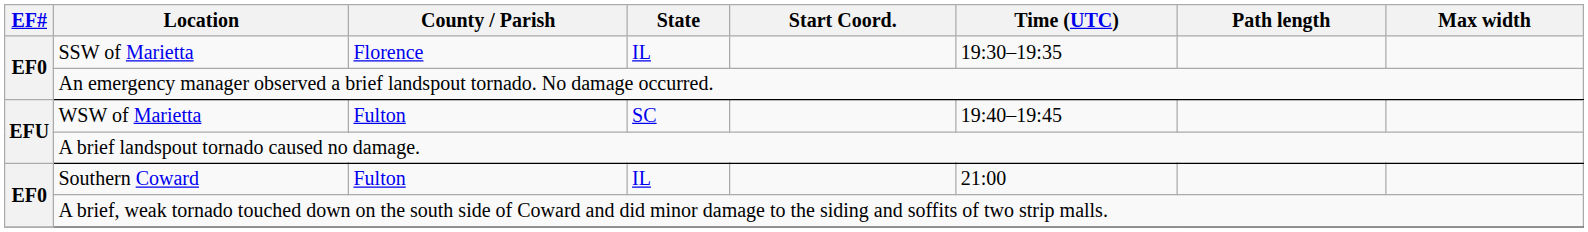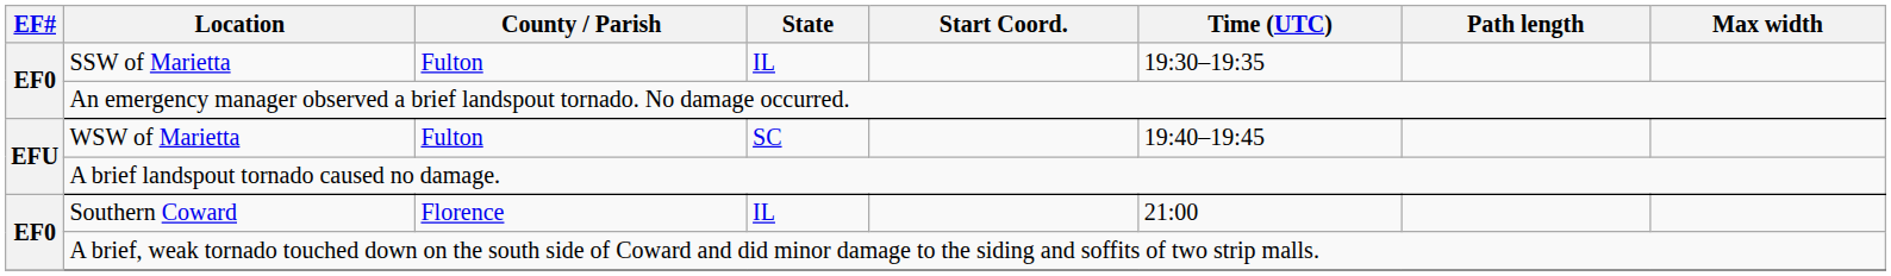 <table class="wikitable sortable" style="width:100%;">
 <tr>
 <th scope="col" width="2%" align="center"><a href='#'>EF#</a></th>
 <th scope="col" align="center" class="unsortable">Location</th>
 <th scope="col" align="center" class="unsortable">County / Parish</th>
 <th scope="col" align="center">State</th>
 <th scope="col" align="center">Start Coord.</th>
 <th scope="col" align="center">Time (<a href='#'>UTC</a>)</th>
 <th scope="col" align="center">Path length</th>
 <th scope="col" align="center">Max width</th>
 </tr>
 <tr>
 <th scope="row" rowspan="2" style="background-color:#">EF0</th>
 <td>SSW of <a href='#'>Marietta</a></td>
-<td><a href='#'>Florence</a></td>
+<td><a href='#'>Fulton</a></td>
 <td><a href='#'>IL</a></td>
 <td></td>
 <td>19:30–19:35</td>
 <td></td>
 <td></td>
 </tr>
 <tr class="expand-child">
 <td colspan="8" style=" border-bottom: 1px solid black;">An emergency manager observed a brief landspout tornado. No damage occurred.</td>
 </tr>
 <tr>
 <th scope="row" rowspan="2" style="background-color:#">EFU</th>
 <td>WSW of <a href='#'>Marietta</a></td>
 <td><a href='#'>Fulton</a></td>
 <td><a href='#'>SC</a></td>
 <td></td>
 <td>19:40–19:45</td>
 <td></td>
 <td></td>
 </tr>
 <tr class="expand-child">
 <td colspan="8" style=" border-bottom: 1px solid black;">A brief landspout tornado caused no damage.</td>
 </tr>
 <tr>
 <th scope="row" rowspan="2" style="background-color:#">EF0</th>
 <td>Southern <a href='#'>Coward</a></td>
-<td><a href='#'>Fulton</a></td>
+<td><a href='#'>Florence</a></td>
 <td><a href='#'>IL</a></td>
 <td></td>
 <td>21:00</td>
 <td></td>
 <td></td>
 </tr>
 <tr class="expand-child">
 <td colspan="8" style=" border-bottom: 1px solid black;">A brief, weak tornado touched down on the south side of Coward and did minor damage to the siding and soffits of two strip malls.</td>
 </tr>
 <tr>
 </tr>
 </table>
